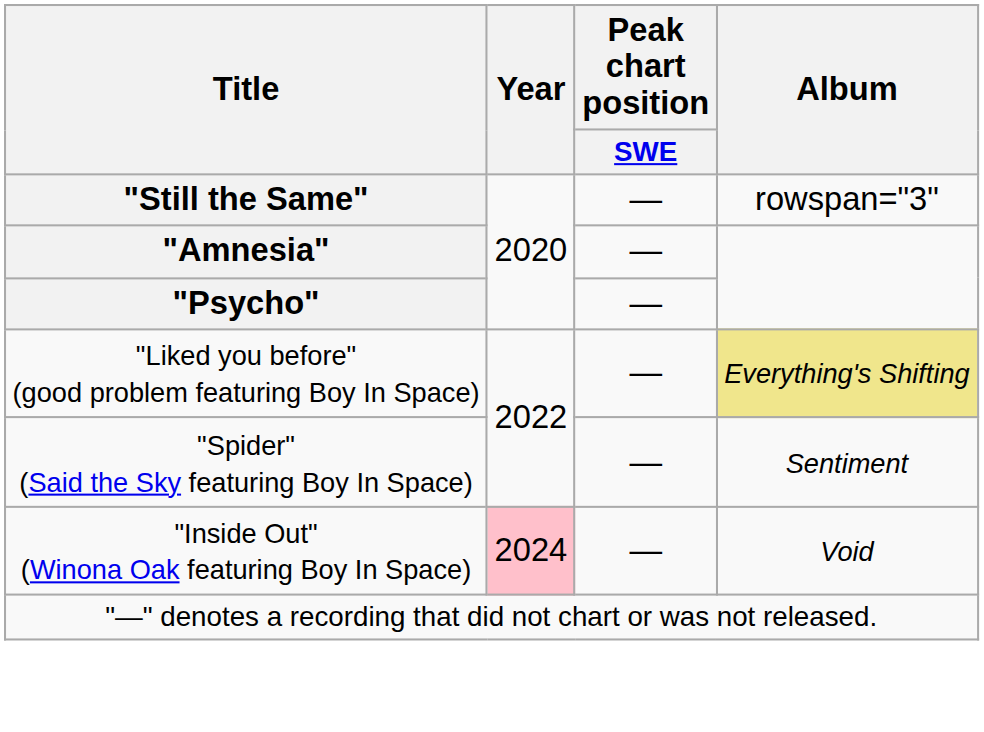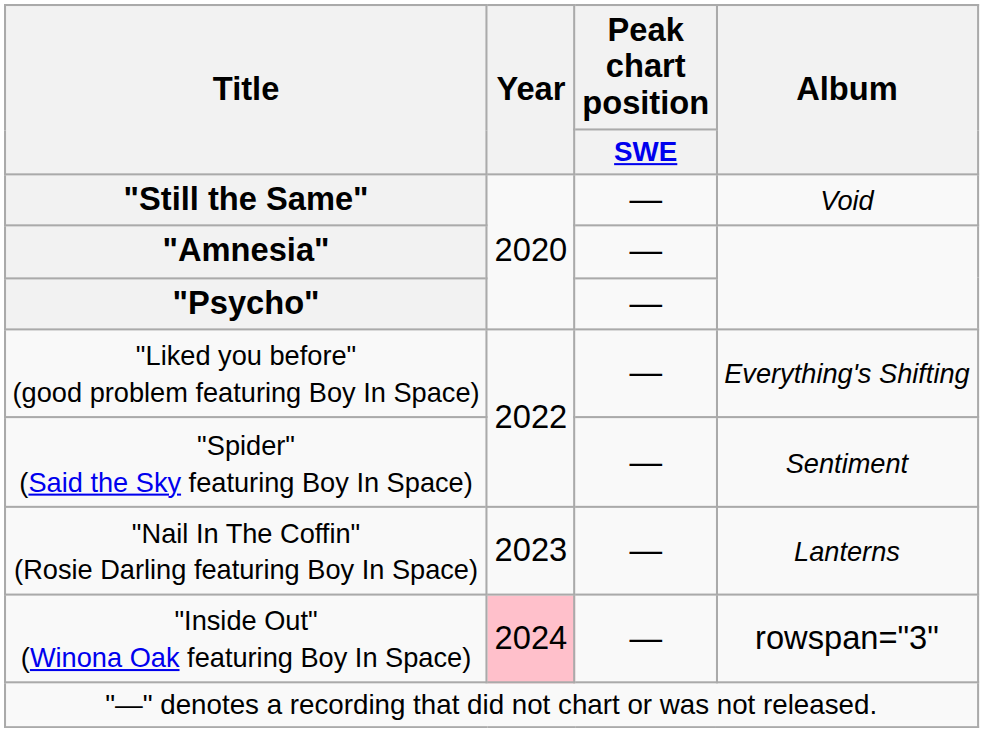 <table class="wikitable plainrowheaders" style="text-align:center">
 <tr>
 <th scope="col" rowspan="2">Title</th>
 <th scope="col" rowspan="2">Year</th>
 <th scope="col" scolspan="1">Peak chart position</th>
 <th scope="col" rowspan="2">Album</th>
 </tr>
 <tr>
 <th scope="col" style="width:3em;font-size:85%;"><a href='#'>SWE</a><br></th>
 </tr>
 <tr>
 <th scope="row">"Still the Same"<br></th>
 <td rowspan="3">2020</td>
 <td>—</td>
-<td>rowspan="3" </td>
+<td><em><small>Void</small></em></td>
 </tr>
 <tr>
 <th scope="row">"Amnesia"<br></th>
 <td>—</td>
 </tr>
 <tr>
 <th scope="row">"Psycho" <br></th>
 <td>—</td>
 </tr>
 <tr>
 <td><small>"Liked you before"</small><br><small>(good problem featuring Boy In Space)</small></td>
 <td rowspan="2">2022</td>
 <td>—</td>
-<td style="background: khaki;"><em><small>Everything's Shifting</small></em></td>
+<td><em><small>Everything's Shifting</small></em></td>
 </tr>
 <tr>
 <td><small>"Spider"</small><br><small>(<a href='#'>Said the Sky</a> featuring Boy In Space)</small></td>
 <td>—</td>
 <td><em><small>Sentiment</small></em></td>
 </tr>
 <tr>
+<td><small>"Nail In The Coffin"</small><br><small>(Rosie Darling featuring Boy In Space)</small></td>
+<td>2023</td>
+<td>—</td>
+<td><em><small>Lanterns</small></em></td>
+</tr>
+<tr>
 <td><small>"Inside Out"</small><br><small>(<a href='#'>Winona Oak</a> featuring Boy In Space)</small></td>
 <td style="background: pink;">2024</td>
 <td>—</td>
-<td><em><small>Void</small></em></td>
+<td>rowspan="3" </td>
 </tr>
 <tr>
 <td colspan="4" style="font-size:85%">"—" denotes a recording that did not chart or was not released.</td>
 </tr>
 </table>
